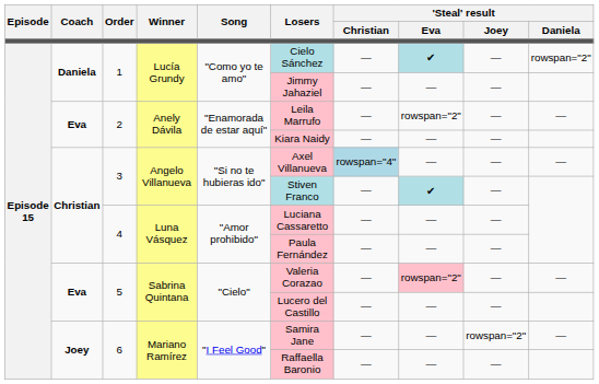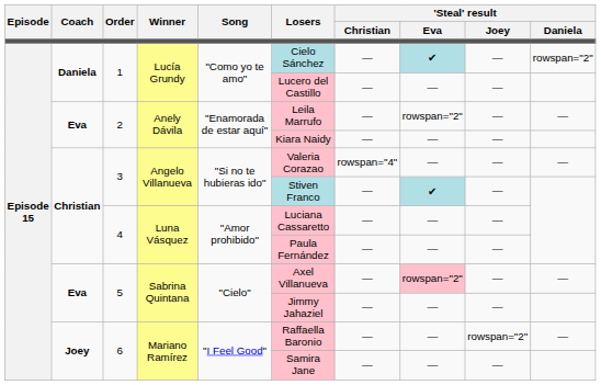 <table class="wikitable" style="text-align: center; width:100%">
 <tr>
 <th rowspan="2" style="width:08%">Episode</th>
 <th rowspan="2" style="width:08%">Coach</th>
 <th rowspan="2" style="width:02%">Order</th>
 <th rowspan="2" style="width:14%">Winner</th>
 <th rowspan="2" style="width:18%">Song</th>
 <th rowspan="2" style="width:14%">Losers</th>
 <th colspan="4" style="width:24%">'Steal' result</th>
 </tr>
 <tr>
 <th style="width:06%">Christian</th>
 <th style="width:06%">Eva</th>
 <th style="width:06%">Joey</th>
 <th style="width:06%">Daniela</th>
 </tr>
 <tr>
 <td colspan="10" style="background:#555"></td>
 </tr>
 <tr>
 <th rowspan="12">Episode 15<br></th>
 <td rowspan="2"><strong>Daniela</strong></td>
 <td rowspan="2">1</td>
 <td rowspan="2" style="background:#fdfc8f">Lucía Grundy</td>
 <td rowspan="2">"Como yo te amo"</td>
 <td style="background:#b0e0e6">Cielo Sánchez</td>
 <td>—</td>
 <td style="background:#b0e0e6">✔</td>
 <td>—</td>
 <td>rowspan="2" </td>
 </tr>
 <tr>
-<td style="background:pink">Jimmy Jahaziel</td>
+<td style="background:pink">Lucero del Castillo</td>
 <td>—</td>
 <td>—</td>
 <td>—</td>
 </tr>
 <tr>
 <td rowspan="2"><strong>Eva</strong></td>
 <td rowspan="2">2</td>
 <td rowspan="2" style="background:#fdfc8f">Anely Dávila</td>
 <td rowspan="2">"Enamorada de estar aquí"</td>
 <td style="background:pink">Leila Marrufo</td>
 <td>—</td>
 <td>rowspan="2" </td>
 <td>—</td>
 <td>—</td>
 </tr>
 <tr>
 <td style="background:pink">Kiara Naidy</td>
 <td>—</td>
 <td>—</td>
 <td>—</td>
 </tr>
 <tr>
 <td rowspan="4"><strong>Christian</strong></td>
 <td rowspan="2">3</td>
 <td rowspan="2" style="background:#fdfc8f">Angelo Villanueva</td>
 <td rowspan="2">"Si no te hubieras ido"</td>
-<td style="background:pink">Axel Villanueva</td>
-<td style="background: lightblue;">rowspan="4" </td>
+<td style="background:pink">Valeria Corazao</td>
+<td>rowspan="4" </td>
 <td>—</td>
 <td>—</td>
 <td>—</td>
 </tr>
 <tr>
 <td style="background:#b0e0e6">Stiven Franco</td>
 <td>—</td>
 <td style="background:#b0e0e6">✔</td>
 <td>—</td>
 </tr>
 <tr>
 <td rowspan="2">4</td>
 <td rowspan="2" style="background:#fdfc8f">Luna Vásquez</td>
 <td rowspan="2">"Amor prohibido"</td>
 <td style="background:pink">Luciana Cassaretto</td>
 <td>—</td>
 <td>—</td>
 <td>—</td>
 </tr>
 <tr>
 <td style="background:pink">Paula Fernández</td>
 <td>—</td>
 <td>—</td>
 <td>—</td>
 </tr>
 <tr>
 <td rowspan="2"><strong>Eva</strong></td>
 <td rowspan="2">5</td>
 <td rowspan="2" style="background:#fdfc8f">Sabrina Quintana</td>
 <td rowspan="2">"Cielo"</td>
-<td style="background:pink">Valeria Corazao</td>
+<td style="background:pink">Axel Villanueva</td>
 <td>—</td>
 <td style="background: pink;">rowspan="2" </td>
 <td>—</td>
 <td>—</td>
 </tr>
 <tr>
-<td style="background:pink">Lucero del Castillo</td>
+<td style="background:pink">Jimmy Jahaziel</td>
 <td>—</td>
 <td>—</td>
 <td>—</td>
 </tr>
 <tr>
 <td rowspan="2"><strong>Joey</strong></td>
 <td rowspan="2">6</td>
 <td rowspan="2" style="background:#fdfc8f">Mariano Ramírez</td>
 <td rowspan="2">"<a href='#'>I Feel Good</a>"</td>
-<td style="background:pink">Samira Jane</td>
+<td style="background:pink">Raffaella Baronio</td>
 <td>—</td>
 <td>—</td>
 <td>rowspan="2" </td>
 <td>—</td>
 </tr>
 <tr>
-<td style="background:pink">Raffaella Baronio</td>
+<td style="background:pink">Samira Jane</td>
 <td>—</td>
 <td>—</td>
 <td>—</td>
 </tr>
 </table>
